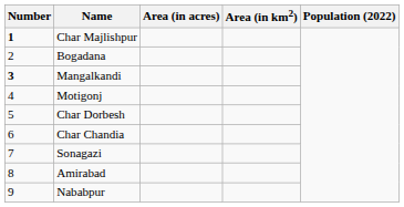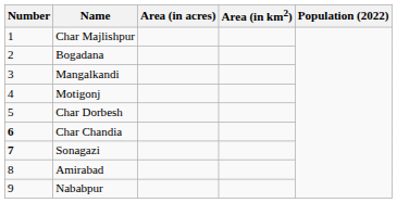 <table class="wikitable sortable">
 <tr>
 <th>Number</th>
 <th>Name</th>
 <th>Area (in acres)</th>
 <th>Area (in km<sup>2</sup>)</th>
 <th>Population (2022)</th>
 </tr>
 <tr>
-<td><strong>1</strong></td>
+<td>1</td>
 <td>Char Majlishpur</td>
 <td></td>
 <td style="text-align:right"></td>
 </tr>
 <tr>
 <td>2</td>
 <td>Bogadana</td>
 <td></td>
 <td style="text-align:right"></td>
 </tr>
 <tr>
-<td><strong>3</strong></td>
+<td>3</td>
 <td>Mangalkandi</td>
 <td></td>
 <td style="text-align:right"></td>
 </tr>
 <tr>
 <td>4</td>
 <td>Motigonj</td>
 <td></td>
 <td style="text-align:right"></td>
 </tr>
 <tr>
 <td>5</td>
 <td>Char Dorbesh</td>
 <td></td>
 <td style="text-align:right"></td>
 </tr>
 <tr>
-<td>6</td>
+<td><strong>6</strong></td>
 <td>Char Chandia</td>
 <td></td>
 <td style="text-align:right"></td>
 </tr>
 <tr>
-<td>7</td>
+<td><strong>7</strong></td>
 <td>Sonagazi</td>
 <td></td>
 <td style="text-align:right"></td>
 </tr>
 <tr>
 <td>8</td>
 <td>Amirabad</td>
 <td></td>
 <td style="text-align:right"></td>
 </tr>
 <tr>
 <td>9</td>
 <td>Nababpur</td>
 <td></td>
 <td style="text-align:right"></td>
 </tr>
 </table>
